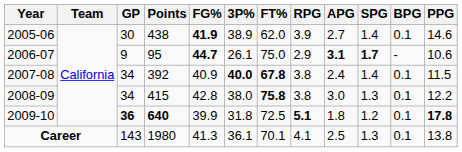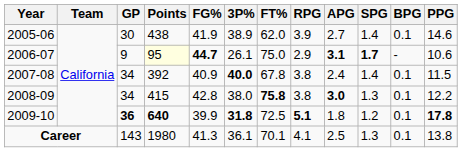 <table class="wikitable sortable">
 <tr>
 <th>Year</th>
 <th>Team</th>
 <th>GP</th>
 <th>Points</th>
 <th>FG%</th>
 <th>3P%</th>
 <th>FT%</th>
 <th>RPG</th>
 <th>APG</th>
 <th>SPG</th>
 <th>BPG</th>
 <th>PPG</th>
 </tr>
 <tr>
 <td>2005-06</td>
 <td rowspan=5><a href='#'>California</a></td>
 <td>30</td>
 <td>438</td>
-<td><strong>41.9</strong></td>
+<td>41.9</td>
 <td>38.9</td>
 <td>62.0</td>
 <td>3.9</td>
 <td>2.7</td>
 <td>1.4</td>
 <td>0.1</td>
 <td>14.6</td>
 </tr>
 <tr>
 <td>2006-07</td>
 <td>9</td>
-<td>95</td>
+<td style="background: lightyellow;">95</td>
 <td><strong>44.7</strong></td>
 <td>26.1</td>
 <td>75.0</td>
 <td>2.9</td>
 <td><strong>3.1</strong></td>
 <td><strong>1.7</strong></td>
 <td>-</td>
 <td>10.6</td>
 </tr>
 <tr>
 <td>2007-08</td>
 <td>34</td>
 <td>392</td>
 <td>40.9</td>
 <td><strong>40.0</strong></td>
-<td><strong>67.8</strong></td>
+<td>67.8</td>
 <td>3.8</td>
 <td>2.4</td>
 <td>1.4</td>
 <td>0.1</td>
 <td>11.5</td>
 </tr>
 <tr>
 <td>2008-09</td>
 <td>34</td>
 <td>415</td>
 <td>42.8</td>
 <td>38.0</td>
 <td><strong>75.8</strong></td>
 <td>3.8</td>
-<td>3.0</td>
+<td><strong>3.0</strong></td>
 <td>1.3</td>
 <td>0.1</td>
 <td>12.2</td>
 </tr>
 <tr>
 <td>2009-10</td>
 <td><strong>36</strong></td>
 <td><strong>640</strong></td>
 <td>39.9</td>
-<td>31.8</td>
+<td><strong>31.8</strong></td>
 <td>72.5</td>
 <td><strong>5.1</strong></td>
 <td>1.8</td>
 <td>1.2</td>
 <td>0.1</td>
 <td><strong>17.8</strong></td>
 </tr>
 <tr class="sortbottom">
 <td colspan=2 align=center><strong>Career</strong></td>
 <td>143</td>
 <td>1980</td>
 <td>41.3</td>
 <td>36.1</td>
 <td>70.1</td>
 <td>4.1</td>
 <td>2.5</td>
 <td>1.3</td>
 <td>0.1</td>
 <td>13.8</td>
 </tr>
 </table>
